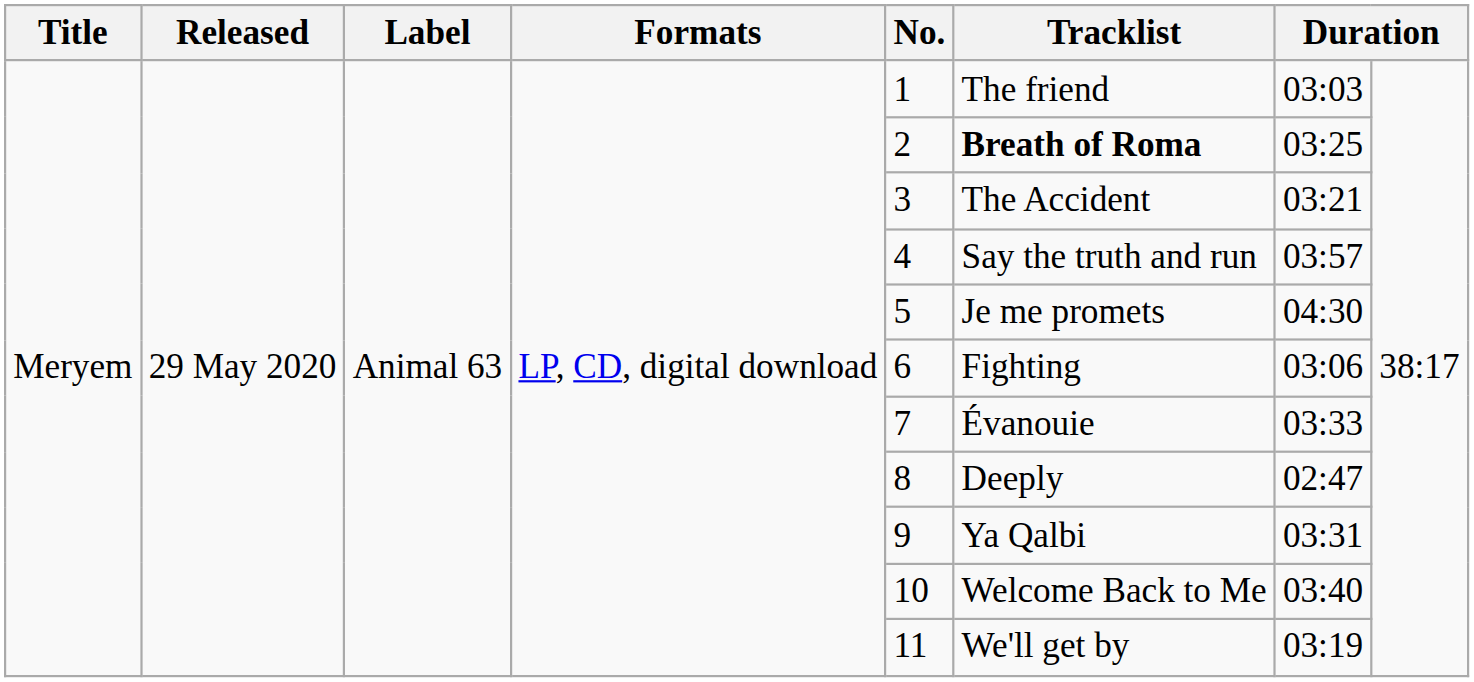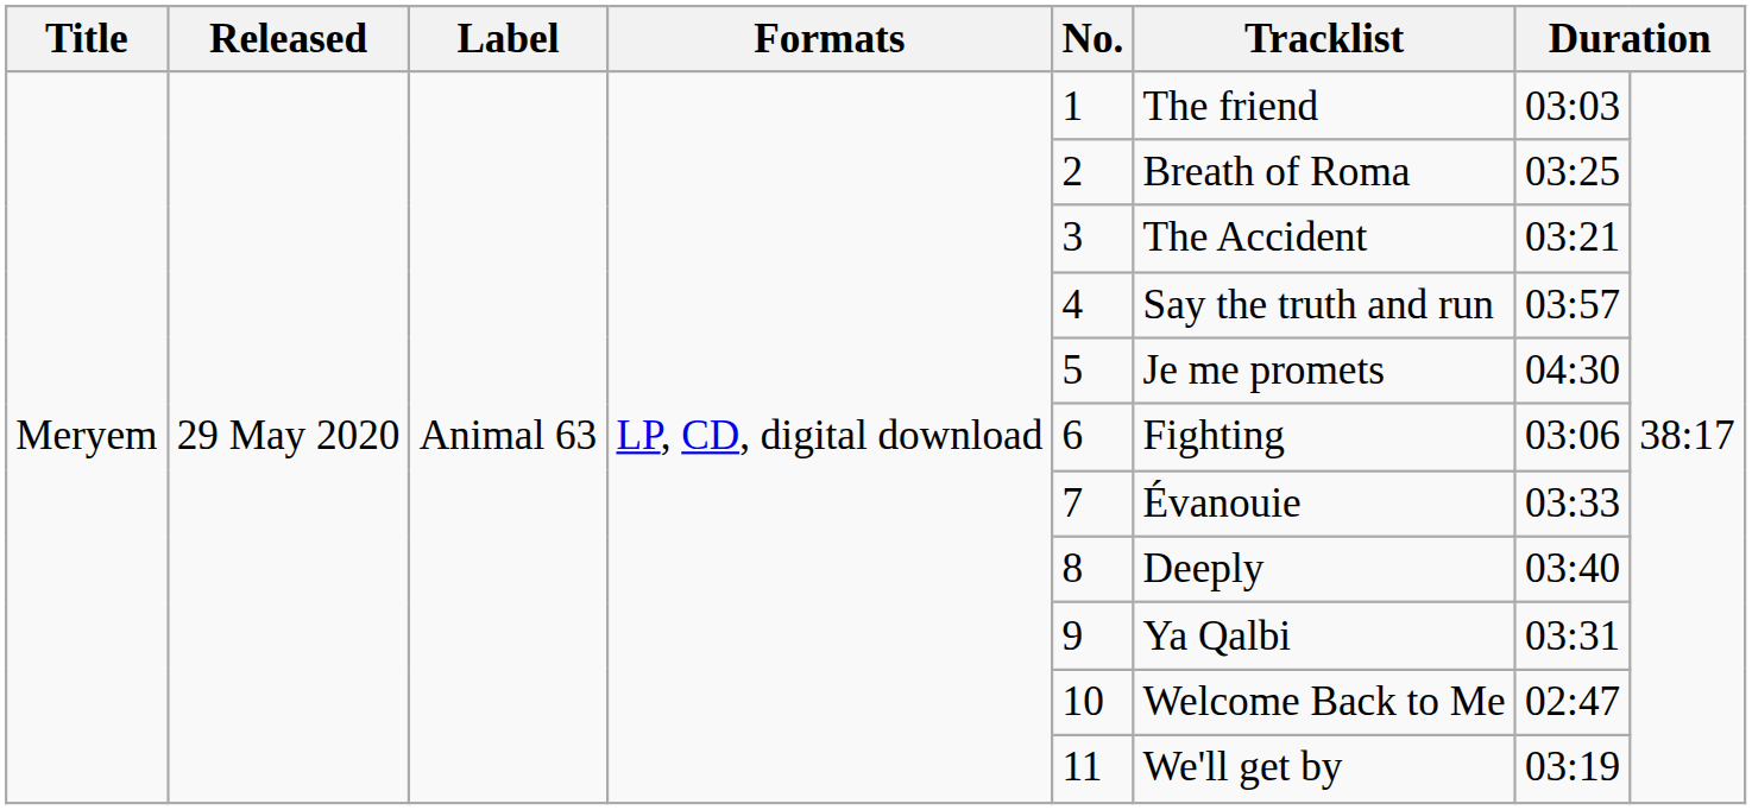 <table class="wikitable">
 <tr>
 <th>Title</th>
 <th>Released</th>
 <th>Label</th>
 <th>Formats</th>
 <th>No.</th>
 <th>Tracklist</th>
 <th colspan="2">Duration</th>
 </tr>
 <tr>
 <td rowspan="11">Meryem</td>
 <td rowspan="11">29 May 2020</td>
 <td rowspan="11">Animal 63</td>
 <td rowspan="11"><a href='#'>LP</a>, <a href='#'>CD</a>, digital download</td>
 <td>1</td>
 <td>The friend</td>
 <td>03:03</td>
 <td rowspan="11">38:17</td>
 </tr>
 <tr>
 <td>2</td>
-<td><strong>Breath of Roma</strong></td>
+<td>Breath of Roma</td>
 <td>03:25</td>
 </tr>
 <tr>
 <td>3</td>
 <td>The Accident</td>
 <td>03:21</td>
 </tr>
 <tr>
 <td>4</td>
 <td>Say the truth and run</td>
 <td>03:57</td>
 </tr>
 <tr>
 <td>5</td>
 <td>Je me promets</td>
 <td>04:30</td>
 </tr>
 <tr>
 <td>6</td>
 <td>Fighting</td>
 <td>03:06</td>
 </tr>
 <tr>
 <td>7</td>
 <td>Évanouie</td>
 <td>03:33</td>
 </tr>
 <tr>
 <td>8</td>
 <td>Deeply</td>
-<td>02:47</td>
+<td>03:40</td>
 </tr>
 <tr>
 <td>9</td>
 <td>Ya Qalbi</td>
 <td>03:31</td>
 </tr>
 <tr>
 <td>10</td>
 <td>Welcome Back to Me</td>
-<td>03:40</td>
+<td>02:47</td>
 </tr>
 <tr>
 <td>11</td>
 <td>We'll get by</td>
 <td>03:19</td>
 </tr>
 </table>
